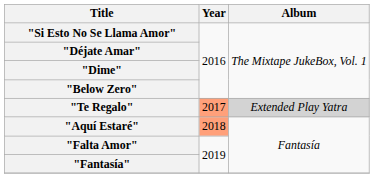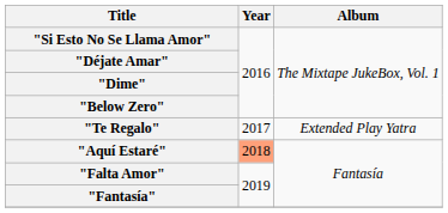 <table class="wikitable plainrowheaders" style="text-align:center;">
 <tr>
 <th scope="col" style="width:16em;">Title</th>
 <th scope="col">Year</th>
 <th scope="col">Album</th>
 </tr>
 <tr>
 <th scope="row">"Si Esto No Se Llama Amor"</th>
 <td rowspan="4">2016</td>
 <td rowspan="4"><em>The Mixtape JukeBox, Vol. 1</em></td>
 </tr>
 <tr>
 <th scope="row">"Déjate Amar"</th>
 </tr>
 <tr>
 <th scope="row">"Dime"<br></th>
 </tr>
 <tr>
 <th scope="row">"Below Zero"</th>
 </tr>
 <tr>
 <th scope="row">"Te Regalo"</th>
-<td style="background: lightsalmon;">2017</td>
-<td style="background: lightgrey;"><em>Extended Play Yatra</em></td>
+<td>2017</td>
+<td><em>Extended Play Yatra</em></td>
 </tr>
 <tr>
 <th scope="row">"Aquí Estaré"</th>
 <td style="background: lightsalmon;">2018</td>
 <td rowspan="3"><em>Fantasía</em></td>
 </tr>
 <tr>
 <th scope="row">"Falta Amor"</th>
 <td rowspan="2">2019</td>
 </tr>
 <tr>
 <th scope="row">"Fantasía"</th>
 </tr>
 <tr>
 </tr>
 </table>
